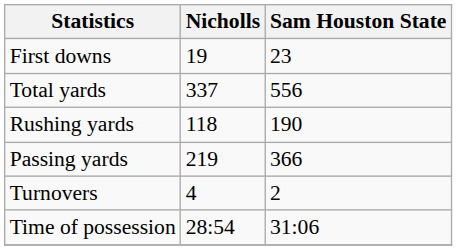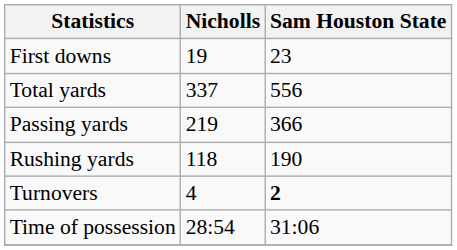 <table class="wikitable">
 <tr>
 <th>Statistics</th>
 <th>Nicholls</th>
 <th>Sam Houston State</th>
 </tr>
 <tr>
 <td>First downs</td>
 <td>19</td>
 <td>23</td>
 </tr>
 <tr>
 <td>Total yards</td>
 <td>337</td>
 <td>556</td>
 </tr>
 <tr>
+<td>Passing yards</td>
+<td>219</td>
+<td>366</td>
+</tr>
+<tr>
 <td>Rushing yards</td>
 <td>118</td>
 <td>190</td>
 </tr>
 <tr>
-<td>Passing yards</td>
-<td>219</td>
-<td>366</td>
-</tr>
-<tr>
 <td>Turnovers</td>
 <td>4</td>
-<td>2</td>
+<td><strong>2</strong></td>
 </tr>
 <tr>
 <td>Time of possession</td>
 <td>28:54</td>
 <td>31:06</td>
 </tr>
 <tr>
 </tr>
 </table>
